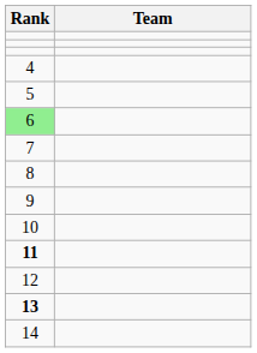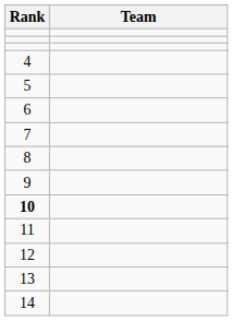 <table class="wikitable" style="text-align:center;">
 <tr>
 <th width=40>Rank</th>
 <th width=180>Team</th>
 </tr>
 <tr>
 <td></td>
 <td style="text-align:left;"></td>
 </tr>
 <tr>
 <td></td>
 <td style="text-align:left;"></td>
 </tr>
 <tr>
 <td></td>
 <td style="text-align:left;"></td>
 </tr>
 <tr>
 <td>4</td>
 <td style="text-align:left;"></td>
 </tr>
 <tr>
 <td>5</td>
 <td style="text-align:left;"></td>
 </tr>
 <tr>
-<td style="background: lightgreen;">6</td>
+<td>6</td>
 <td style="text-align:left;"></td>
 </tr>
 <tr>
 <td>7</td>
 <td style="text-align:left;"></td>
 </tr>
 <tr>
 <td>8</td>
 <td style="text-align:left;"></td>
 </tr>
 <tr>
 <td>9</td>
 <td style="text-align:left;"></td>
 </tr>
 <tr>
-<td>10</td>
+<td><strong>10</strong></td>
 <td style="text-align:left;"></td>
 </tr>
 <tr>
-<td><strong>11</strong></td>
+<td>11</td>
 <td style="text-align:left;"></td>
 </tr>
 <tr>
 <td>12</td>
 <td style="text-align:left;"></td>
 </tr>
 <tr>
-<td><strong>13</strong></td>
+<td>13</td>
 <td style="text-align:left;"></td>
 </tr>
 <tr>
 <td>14</td>
 <td style="text-align:left;"></td>
 </tr>
 </table>
